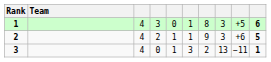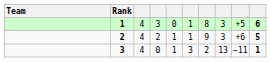 <table class="wikitable" style="text-align: center;">
 <tr>
+<th width=165 style="text-align:left;">Team</th>
 <th width=30>Rank</th>
-<th width=165 style="text-align:left;">Team</th>
 <th width=20></th>
 <th width=20></th>
 <th width=20></th>
 <th width=20></th>
 <th width=20></th>
 <th width=20></th>
 <th width=20></th>
 <th width=20></th>
 </tr>
 <tr style="background:#ccffcc;">
+<td style="text-align:left;"></td>
 <td><strong>1</strong></td>
-<td style="text-align:left;"></td>
 <td>4</td>
 <td>3</td>
 <td>0</td>
 <td>1</td>
 <td>8</td>
 <td>3</td>
 <td>+5</td>
 <td><strong>6</strong></td>
 </tr>
 <tr>
+<td style="text-align:left;"></td>
 <td><strong>2</strong></td>
-<td style="text-align:left;"></td>
 <td>4</td>
 <td>2</td>
 <td>1</td>
 <td>1</td>
 <td>9</td>
 <td>3</td>
 <td>+6</td>
 <td><strong>5</strong></td>
 </tr>
 <tr>
+<td style="text-align:left;"></td>
 <td><strong>3</strong></td>
-<td style="text-align:left;"></td>
 <td>4</td>
 <td>0</td>
 <td>1</td>
 <td>3</td>
 <td>2</td>
 <td>13</td>
 <td>−11</td>
 <td><strong>1</strong></td>
 </tr>
 </table>
